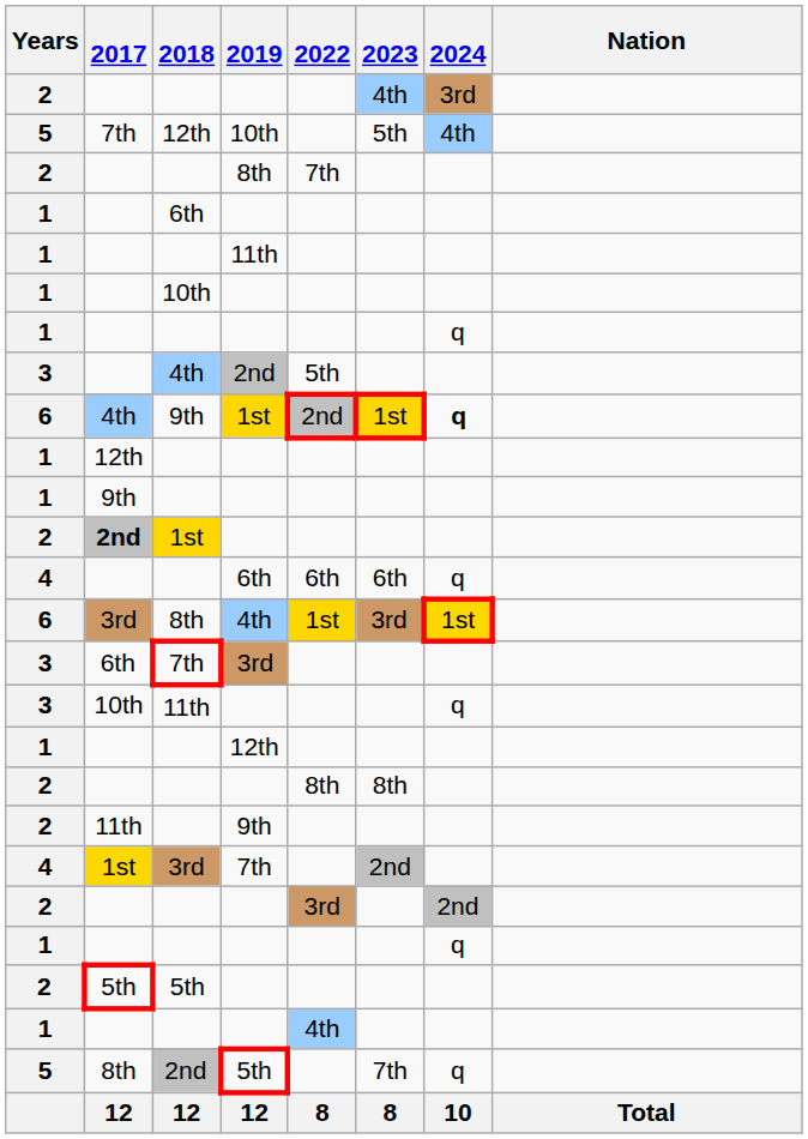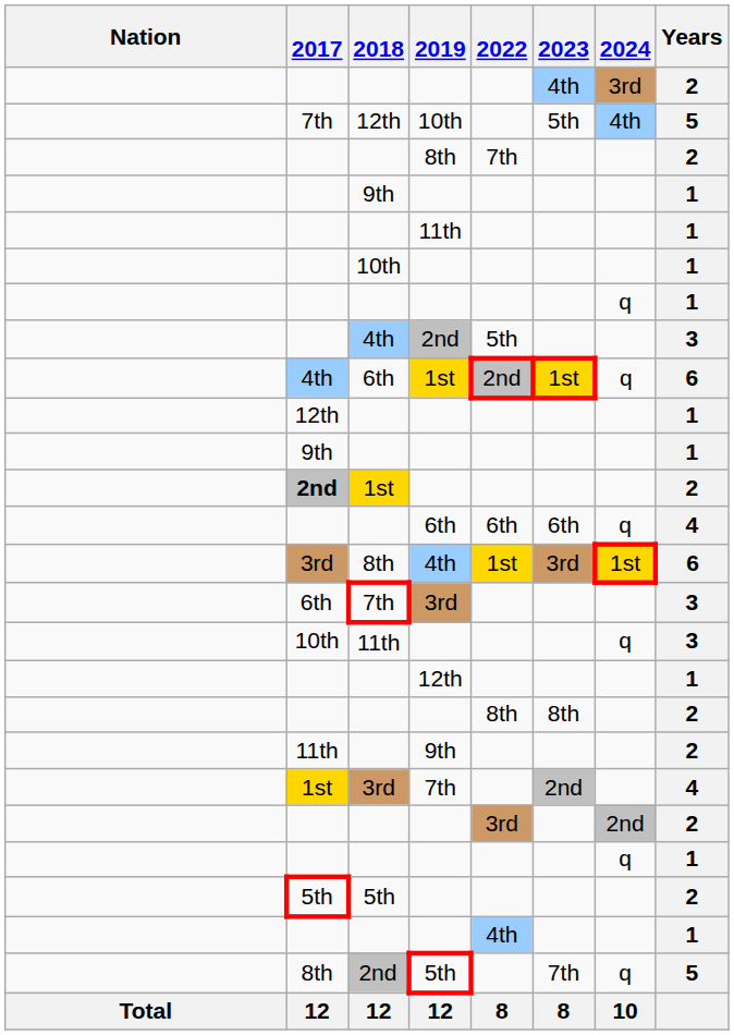 <table class="wikitable" style="text-align:center; font-size:90%;">
 <tr>
-<th>Years</th>
+<th width=170>Nation</th>
 <th><br><a href='#'>2017</a></th>
 <th><br><a href='#'>2018</a></th>
 <th><br><a href='#'>2019</a></th>
 <th><br><a href='#'>2022</a></th>
 <th><br><a href='#'>2023</a></th>
 <th><br><a href='#'>2024</a></th>
-<th width=170>Nation</th>
+<th>Years</th>
 </tr>
 <tr>
-<th>2</th>
+<td align=left></td>
 <td></td>
 <td></td>
 <td></td>
 <td></td>
 <td bgcolor=9acdff>4th</td>
 <td bgcolor=cc9966>3rd</td>
-<td align=left></td>
+<th>2</th>
 </tr>
 <tr>
-<th>5</th>
+<td align=left></td>
 <td>7th</td>
 <td>12th</td>
 <td>10th</td>
 <td></td>
 <td>5th</td>
 <td bgcolor=9acdff>4th</td>
-<td align=left></td>
+<th>5</th>
 </tr>
 <tr>
-<th>2</th>
+<td align=left></td>
 <td></td>
 <td></td>
 <td>8th</td>
 <td>7th</td>
 <td></td>
 <td></td>
-<td align=left></td>
+<th>2</th>
 </tr>
 <tr>
-<th>1</th>
+<td align=left></td>
 <td></td>
-<td>6th</td>
+<td>9th</td>
 <td></td>
 <td></td>
 <td></td>
 <td></td>
-<td align=left></td>
+<th>1</th>
 </tr>
 <tr>
-<th>1</th>
+<td align=left></td>
 <td></td>
 <td></td>
 <td>11th</td>
 <td></td>
 <td></td>
 <td></td>
-<td align=left></td>
+<th>1</th>
 </tr>
 <tr>
-<th>1</th>
+<td align=left></td>
 <td></td>
 <td>10th</td>
 <td></td>
 <td></td>
 <td></td>
 <td></td>
-<td align=left></td>
+<th>1</th>
 </tr>
 <tr>
-<th>1</th>
+<td align=left></td>
 <td></td>
 <td></td>
 <td></td>
 <td></td>
 <td></td>
 <td>q</td>
-<td align=left></td>
+<th>1</th>
 </tr>
 <tr>
-<th>3</th>
+<td align=left></td>
 <td></td>
 <td bgcolor=9acdff>4th</td>
 <td bgcolor=silver>2nd</td>
 <td>5th</td>
 <td></td>
 <td></td>
-<td align=left></td>
+<th>3</th>
 </tr>
 <tr>
-<th>6</th>
+<td align=left></td>
 <td bgcolor=9acdff>4th</td>
-<td>9th</td>
+<td>6th</td>
 <td bgcolor=gold>1st</td>
 <td style="border: 3px solid red" bgcolor=silver>2nd</td>
 <td style="border: 3px solid red" bgcolor=gold>1st</td>
-<td><strong>q</strong></td>
-<td align=left></td>
+<td>q</td>
+<th>6</th>
 </tr>
 <tr>
-<th>1</th>
+<td align=left></td>
 <td>12th</td>
 <td></td>
 <td></td>
 <td></td>
 <td></td>
 <td></td>
-<td align=left></td>
+<th>1</th>
 </tr>
 <tr>
-<th>1</th>
+<td align=left></td>
 <td>9th</td>
 <td></td>
 <td></td>
 <td></td>
 <td></td>
 <td></td>
-<td align=left></td>
+<th>1</th>
 </tr>
 <tr>
-<th>2</th>
+<td align=left></td>
 <td bgcolor=silver><strong>2nd</strong></td>
 <td bgcolor=gold>1st</td>
 <td></td>
 <td></td>
 <td></td>
 <td></td>
-<td align=left></td>
+<th>2</th>
 </tr>
 <tr>
-<th>4</th>
+<td align=left></td>
 <td></td>
 <td></td>
 <td>6th</td>
 <td>6th</td>
 <td>6th</td>
 <td>q</td>
-<td align=left></td>
+<th>4</th>
 </tr>
 <tr>
-<th>6</th>
+<td align=left></td>
 <td bgcolor=cc9966>3rd</td>
 <td>8th</td>
 <td bgcolor=9acdff>4th</td>
 <td bgcolor=gold>1st</td>
 <td bgcolor=cc9966>3rd</td>
 <td style="border: 3px solid red" bgcolor=gold>1st</td>
-<td align=left></td>
+<th>6</th>
 </tr>
 <tr>
-<th>3</th>
+<td align=left></td>
 <td>6th</td>
 <td style="border: 3px solid red">7th</td>
 <td bgcolor=cc9966>3rd</td>
 <td></td>
 <td></td>
 <td></td>
-<td align=left></td>
+<th>3</th>
 </tr>
 <tr>
-<th>3</th>
+<td align=left></td>
 <td>10th</td>
 <td>11th</td>
 <td></td>
 <td></td>
 <td></td>
 <td>q</td>
-<td align=left></td>
+<th>3</th>
 </tr>
 <tr>
-<th>1</th>
+<td align=left></td>
 <td></td>
 <td></td>
 <td>12th</td>
 <td></td>
 <td></td>
 <td></td>
-<td align=left></td>
+<th>1</th>
 </tr>
 <tr>
-<th>2</th>
+<td align=left></td>
 <td></td>
 <td></td>
 <td></td>
 <td>8th</td>
 <td>8th</td>
 <td></td>
-<td align=left></td>
+<th>2</th>
 </tr>
 <tr>
-<th>2</th>
+<td align=left></td>
 <td>11th</td>
 <td></td>
 <td>9th</td>
 <td></td>
 <td></td>
 <td></td>
-<td align=left></td>
+<th>2</th>
 </tr>
 <tr>
-<th>4</th>
+<td align=left></td>
 <td bgcolor=gold>1st</td>
 <td bgcolor=cc9966>3rd</td>
 <td>7th</td>
 <td></td>
 <td bgcolor=silver>2nd</td>
 <td></td>
-<td align=left></td>
+<th>4</th>
 </tr>
 <tr>
-<th>2</th>
+<td align=left></td>
 <td></td>
 <td></td>
 <td></td>
 <td bgcolor=cc9966>3rd</td>
 <td></td>
 <td bgcolor=silver>2nd</td>
-<td align=left></td>
+<th>2</th>
 </tr>
 <tr>
-<th>1</th>
+<td align=left></td>
 <td></td>
 <td></td>
 <td></td>
 <td></td>
 <td></td>
 <td>q</td>
-<td align=left></td>
+<th>1</th>
 </tr>
 <tr>
-<th>2</th>
+<td align=left></td>
 <td style="border: 3px solid red">5th</td>
 <td>5th</td>
 <td></td>
 <td></td>
 <td></td>
 <td></td>
-<td align=left></td>
+<th>2</th>
 </tr>
 <tr>
-<th>1</th>
+<td align=left></td>
 <td></td>
 <td></td>
 <td></td>
 <td bgcolor=9acdff>4th</td>
 <td></td>
 <td></td>
-<td align=left></td>
+<th>1</th>
 </tr>
 <tr>
-<th>5</th>
+<td align=left></td>
 <td>8th</td>
 <td bgcolor=silver>2nd</td>
 <td style="border: 3px solid red">5th</td>
 <td></td>
 <td>7th</td>
 <td>q</td>
-<td align=left></td>
+<th>5</th>
 </tr>
 <tr>
-<th></th>
+<th>Total</th>
 <th>12</th>
 <th>12</th>
 <th>12</th>
 <th>8</th>
 <th>8</th>
 <th>10</th>
-<th>Total</th>
+<th></th>
 </tr>
 </table>
